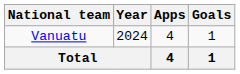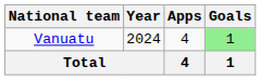 <table class="wikitable" style="text-align: center;">
 <tr>
 <th>National team</th>
 <th>Year</th>
 <th>Apps</th>
 <th>Goals</th>
 </tr>
 <tr>
 <td><a href='#'>Vanuatu</a></td>
 <td>2024</td>
 <td>4</td>
-<td>1</td>
+<td style="background: lightgreen;">1</td>
 </tr>
 <tr>
 <th colspan="2">Total</th>
 <th>4</th>
 <th>1</th>
 </tr>
 </table>
